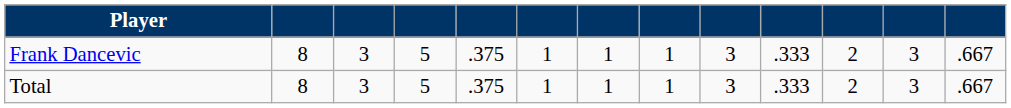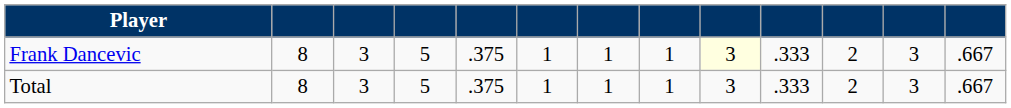 <table class="wikitable" style="text-align:center">
 <tr>
 <th style="background:#003366; color:white" width="200px">Player</th>
 <th style="background:#003366; color:white" width="40px"></th>
 <th style="background:#003366; color:white" width="40px"></th>
 <th style="background:#003366; color:white" width="40px"></th>
 <th style="background:#003366; color:white" width="40px"></th>
 <th style="background:#003366; color:white" width="40px"></th>
 <th style="background:#003366; color:white" width="40px"></th>
 <th style="background:#003366; color:white" width="40px"></th>
 <th style="background:#003366; color:white" width="40px"></th>
 <th style="background:#003366; color:white" width="40px"></th>
 <th style="background:#003366; color:white" width="40px"></th>
 <th style="background:#003366; color:white" width="40px"></th>
 <th style="background:#003366; color:white" width="40px"></th>
 </tr>
 <tr>
 <td style="text-align:left"><a href='#'>Frank Dancevic</a></td>
 <td>8</td>
 <td>3</td>
 <td>5</td>
 <td>.375</td>
 <td>1</td>
 <td>1</td>
 <td>1</td>
-<td>3</td>
+<td style="background: lightyellow;">3</td>
 <td>.333</td>
 <td>2</td>
 <td>3</td>
 <td>.667</td>
 </tr>
 <tr>
 <td style="text-align:left">Total</td>
 <td>8</td>
 <td>3</td>
 <td>5</td>
 <td>.375</td>
 <td>1</td>
 <td>1</td>
 <td>1</td>
 <td>3</td>
 <td>.333</td>
 <td>2</td>
 <td>3</td>
 <td>.667</td>
 </tr>
 </table>
